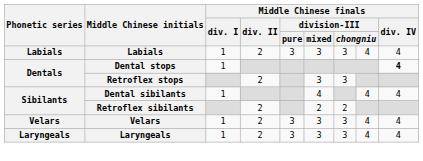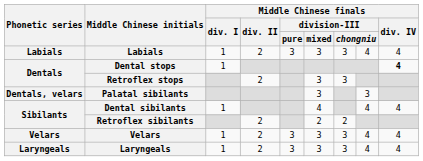 <table class="wikitable" style="text-align: center;">
 <tr>
 <th rowspan="3">Phonetic series</th>
 <th rowspan="3">Middle Chinese initials</th>
 <th colspan="7">Middle Chinese finals</th>
 </tr>
 <tr>
 <th rowspan="2">div. I</th>
 <th rowspan="2">div. II</th>
 <th colspan="4">division-III</th>
 <th rowspan="2">div. IV</th>
 </tr>
 <tr>
 <th>pure</th>
 <th>mixed</th>
 <th colspan="2"><em>chongniu</em></th>
 </tr>
 <tr>
 <th>Labials</th>
 <th>Labials</th>
 <td>1</td>
 <td>2</td>
 <td>3</td>
 <td>3</td>
 <td>3</td>
 <td>4</td>
 <td>4</td>
 </tr>
 <tr>
 <th rowspan="2">Dentals</th>
 <th>Dental stops</th>
 <td>1</td>
 <td style="background-color:#ddd"></td>
 <td style="background-color:#ddd"></td>
 <td style="background-color:#ddd"></td>
 <td style="background-color:#ddd" colspan="2"></td>
 <td><strong>4</strong></td>
 </tr>
 <tr>
 <th>Retroflex stops</th>
 <td style="background-color:#ddd"></td>
 <td>2</td>
 <td style="background-color:#ddd"></td>
 <td>3</td>
 <td>3</td>
 <td style="background-color:#ddd"></td>
 <td style="background-color:#ddd"></td>
 </tr>
 <tr>
+<th>Dentals, velars</th>
+<th>Palatal sibilants</th>
+<td style="background-color:#ddd"></td>
+<td style="background-color:#ddd"></td>
+<td style="background-color:#ddd"></td>
+<td>3</td>
+<td style="background-color:#ddd"></td>
+<td>3</td>
+<td style="background-color:#ddd"></td>
+</tr>
+<tr>
 <th rowspan="2">Sibilants</th>
 <th>Dental sibilants</th>
 <td>1</td>
 <td style="background-color:#ddd"></td>
 <td style="background-color:#ddd"></td>
 <td>4</td>
 <td style="background-color:#ddd"></td>
 <td>4</td>
 <td>4</td>
 </tr>
 <tr>
 <th>Retroflex sibilants</th>
 <td style="background-color:#ddd"></td>
 <td>2</td>
 <td style="background-color:#ddd"></td>
 <td>2</td>
 <td>2</td>
 <td style="background-color:#ddd"></td>
 <td style="background-color:#ddd"></td>
 </tr>
 <tr>
 <th>Velars</th>
 <th>Velars</th>
 <td>1</td>
 <td>2</td>
 <td>3</td>
 <td>3</td>
 <td>3</td>
 <td>4</td>
 <td>4</td>
 </tr>
 <tr>
 <th>Laryngeals</th>
 <th>Laryngeals</th>
 <td>1</td>
 <td>2</td>
 <td>3</td>
 <td>3</td>
 <td>3</td>
 <td>4</td>
 <td>4</td>
 </tr>
 </table>
